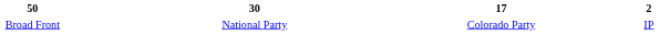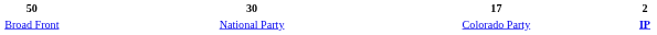 <table style="width:66em; text-align:center; font-size:88%">
 <tr style="font-weight:bold">
 <td style="background:">50</td>
 <td style="background:">30</td>
 <td style="background:">17</td>
 <td style="background:">2</td>
 </tr>
 <tr>
 <td><a href='#'>Broad Front</a></td>
 <td><a href='#'>National Party</a></td>
 <td><a href='#'>Colorado Party</a></td>
-<td><a href='#'>IP</a></td>
+<td><strong><a href='#'>IP</a></strong></td>
 </tr>
 </table>
